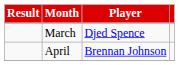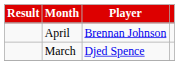 <table class="wikitable" style="text-align:left">
 <tr>
 <th style="background:#DD0000; color:#FFFFFF;">Result</th>
 <th style="background:#DD0000; color:#FFFFFF;">Month</th>
 <th style="background:#DD0000;color:#FFFFFF;">Player</th>
 <th style="background:#DD0000; color:#FFFFFF;"></th>
 </tr>
 <tr>
 </tr>
 <tr>
 <td></td>
+<td>April</td>
+<td> <a href='#'>Brennan Johnson</a></td>
+<td></td>
+</tr>
+<tr>
+<td></td>
 <td>March</td>
 <td> <a href='#'>Djed Spence</a></td>
 <td></td>
 </tr>
 <tr>
-<td></td>
-<td>April</td>
-<td> <a href='#'>Brennan Johnson</a></td>
-<td></td>
-</tr>
-<tr>
 </tr>
 </table>
